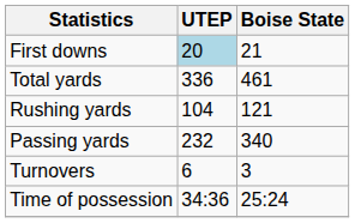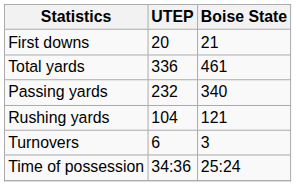 <table class="wikitable">
 <tr>
 <th>Statistics</th>
 <th>UTEP</th>
 <th>Boise State</th>
 </tr>
 <tr>
 <td>First downs</td>
-<td style="background: lightblue;">20</td>
+<td>20</td>
 <td>21</td>
 </tr>
 <tr>
 <td>Total yards</td>
 <td>336</td>
 <td>461</td>
 </tr>
 <tr>
+<td>Passing yards</td>
+<td>232</td>
+<td>340</td>
+</tr>
+<tr>
 <td>Rushing yards</td>
 <td>104</td>
 <td>121</td>
-</tr>
-<tr>
-<td>Passing yards</td>
-<td>232</td>
-<td>340</td>
 </tr>
 <tr>
 <td>Turnovers</td>
 <td>6</td>
 <td>3</td>
 </tr>
 <tr>
 <td>Time of possession</td>
 <td>34:36</td>
 <td>25:24</td>
 </tr>
 <tr>
 </tr>
 </table>
